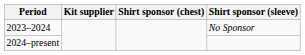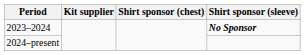 <table class="wikitable">
 <tr>
 <th><strong>Period</strong></th>
 <th><strong>Kit supplier</strong></th>
 <th><strong>Shirt sponsor (chest)</strong></th>
 <th><strong>Shirt sponsor (sleeve)</strong></th>
 </tr>
 <tr>
 <td>2023–2024</td>
 <td rowspan="2"></td>
 <td rowspan="2"></td>
-<td><em>No Sponsor</em></td>
+<td><strong><em>No Sponsor</em></strong></td>
 </tr>
 <tr>
 <td>2024–present</td>
 <td></td>
 </tr>
 </table>
